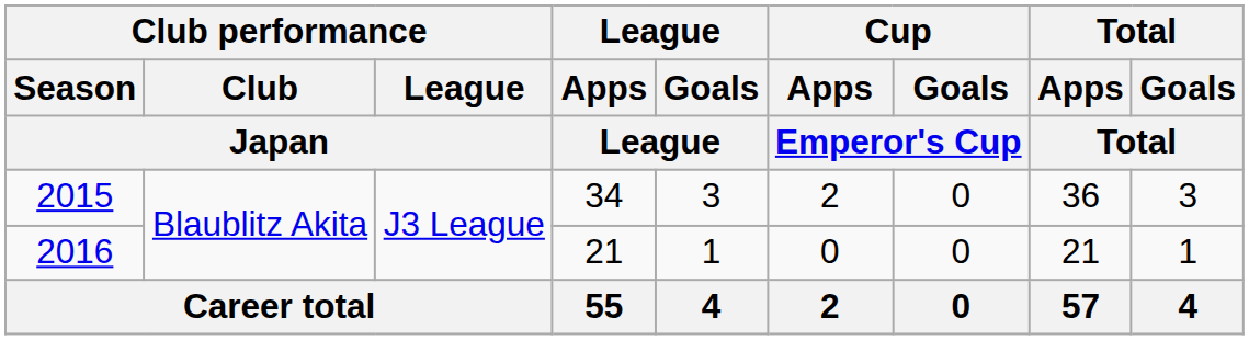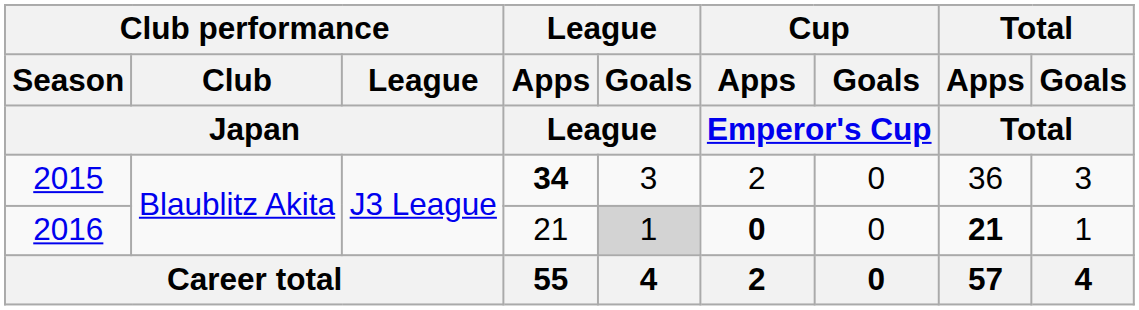 <table class="wikitable" style="text-align:center">
 <tr>
 <th colspan=3>Club performance</th>
 <th colspan=2>League</th>
 <th colspan=2>Cup</th>
 <th colspan=2>Total</th>
 </tr>
 <tr>
 <th>Season</th>
 <th>Club</th>
 <th>League</th>
 <th>Apps</th>
 <th>Goals</th>
 <th>Apps</th>
 <th>Goals</th>
 <th>Apps</th>
 <th>Goals</th>
 </tr>
 <tr>
 <th colspan=3>Japan</th>
 <th colspan=2>League</th>
 <th colspan=2><a href='#'>Emperor's Cup</a></th>
 <th colspan=2>Total</th>
 </tr>
 <tr>
 <td><a href='#'>2015</a></td>
 <td rowspan="2"><a href='#'>Blaublitz Akita</a></td>
 <td rowspan="2"><a href='#'>J3 League</a></td>
-<td>34</td>
+<td><strong>34</strong></td>
 <td>3</td>
 <td>2</td>
 <td>0</td>
 <td>36</td>
 <td>3</td>
 </tr>
 <tr>
 <td><a href='#'>2016</a></td>
 <td>21</td>
-<td>1</td>
+<td style="background: lightgrey;">1</td>
+<td><strong>0</strong></td>
 <td>0</td>
-<td>0</td>
-<td>21</td>
+<td><strong>21</strong></td>
 <td>1</td>
 </tr>
 <tr>
 <th colspan=3>Career total</th>
 <th>55</th>
 <th>4</th>
 <th>2</th>
 <th>0</th>
 <th>57</th>
 <th>4</th>
 </tr>
 </table>
